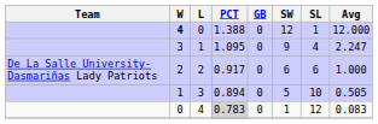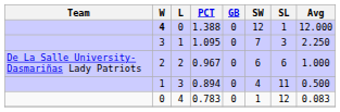 <table class=wikitable style="text-align:center;">
 <tr>
 <th width=200px>Team</th>
 <th width=20px>W</th>
 <th width=20px>L</th>
 <th width=35px><a href='#'>PCT</a></th>
 <th width=25px><a href='#'>GB</a></th>
 <th width=30px>SW</th>
 <th width=30px>SL</th>
 <th width=35px>Avg</th>
 </tr>
 <tr style="background:#CCCCFF;">
 <td align=left></td>
 <td><strong>4</strong></td>
 <td>0</td>
 <td>1.388</td>
 <td>0</td>
 <td>12</td>
 <td>1</td>
 <td>12.000</td>
 </tr>
 <tr style="background:#CCCCFF;">
 <td align=left></td>
 <td>3</td>
 <td>1</td>
 <td>1.095</td>
 <td>0</td>
-<td>9</td>
-<td>4</td>
-<td>2.247</td>
+<td>7</td>
+<td>3</td>
+<td>2.250</td>
 </tr>
 <tr style="background:#CCCCFF;">
 <td align=left> <a href='#'>De La Salle University-Dasmariñas</a> Lady Patriots</td>
 <td>2</td>
 <td>2</td>
-<td>0.917</td>
+<td>0.967</td>
 <td>0</td>
 <td>6</td>
 <td>6</td>
 <td>1.000</td>
 </tr>
 <tr style="background:#CCCCFF;">
 <td align=left></td>
 <td>1</td>
 <td>3</td>
 <td>0.894</td>
 <td>0</td>
-<td>5</td>
-<td>10</td>
-<td>0.505</td>
+<td>4</td>
+<td>11</td>
+<td>0.500</td>
 </tr>
 <tr>
 <td align=left></td>
 <td>0</td>
 <td>4</td>
-<td style="background: lightgrey;">0.783</td>
+<td>0.783</td>
 <td>0</td>
 <td>1</td>
 <td>12</td>
 <td>0.083</td>
 </tr>
 <tr>
 </tr>
 </table>
